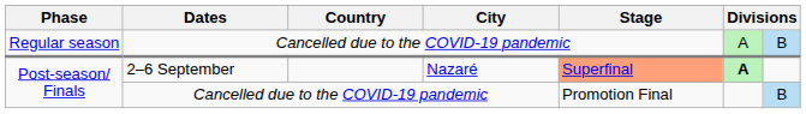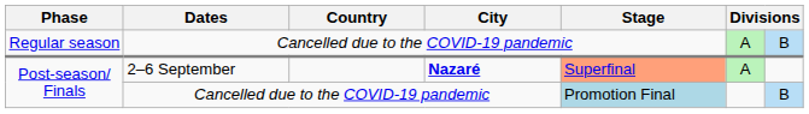 <table class="wikitable">
 <tr>
 <th>Phase</th>
 <th width="160">Dates</th>
 <th width="130">Country</th>
 <th width="130">City</th>
 <th width="160">Stage</th>
 <th colspan=2>Divisions</th>
 </tr>
 <tr style="border-bottom: 3px solid grey">
 <td align=center><a href='#'>Regular season</a></td>
 <td colspan=4 align=center><em>Cancelled due to the <a href='#'>COVID-19 pandemic</a></em></td>
 <td bgcolor=#bbf3bb align=center>A</td>
 <td bgcolor=#b8def6 align=center>B</td>
 </tr>
 <tr>
 <td style="border-top: 3px solid grey" rowspan=2 align=center><a href='#'>Post-season/<br>Finals</a></td>
 <td>2–6 September</td>
 <td></td>
-<td><a href='#'>Nazaré</a></td>
+<td><strong><a href='#'>Nazaré</a></strong></td>
 <td style="background: lightsalmon;"><a href='#'>Superfinal</a></td>
-<td bgcolor=#bbf3bb align=center><strong>A</strong></td>
+<td bgcolor=#bbf3bb align=center>A</td>
 <td></td>
 </tr>
 <tr>
 <td colspan=3 align=center><em>Cancelled due to the <a href='#'>COVID-19 pandemic</a></em></td>
-<td>Promotion Final</td>
+<td style="background: lightblue;">Promotion Final</td>
 <td></td>
 <td bgcolor=#b8def6 align=center>B</td>
 </tr>
 </table>
